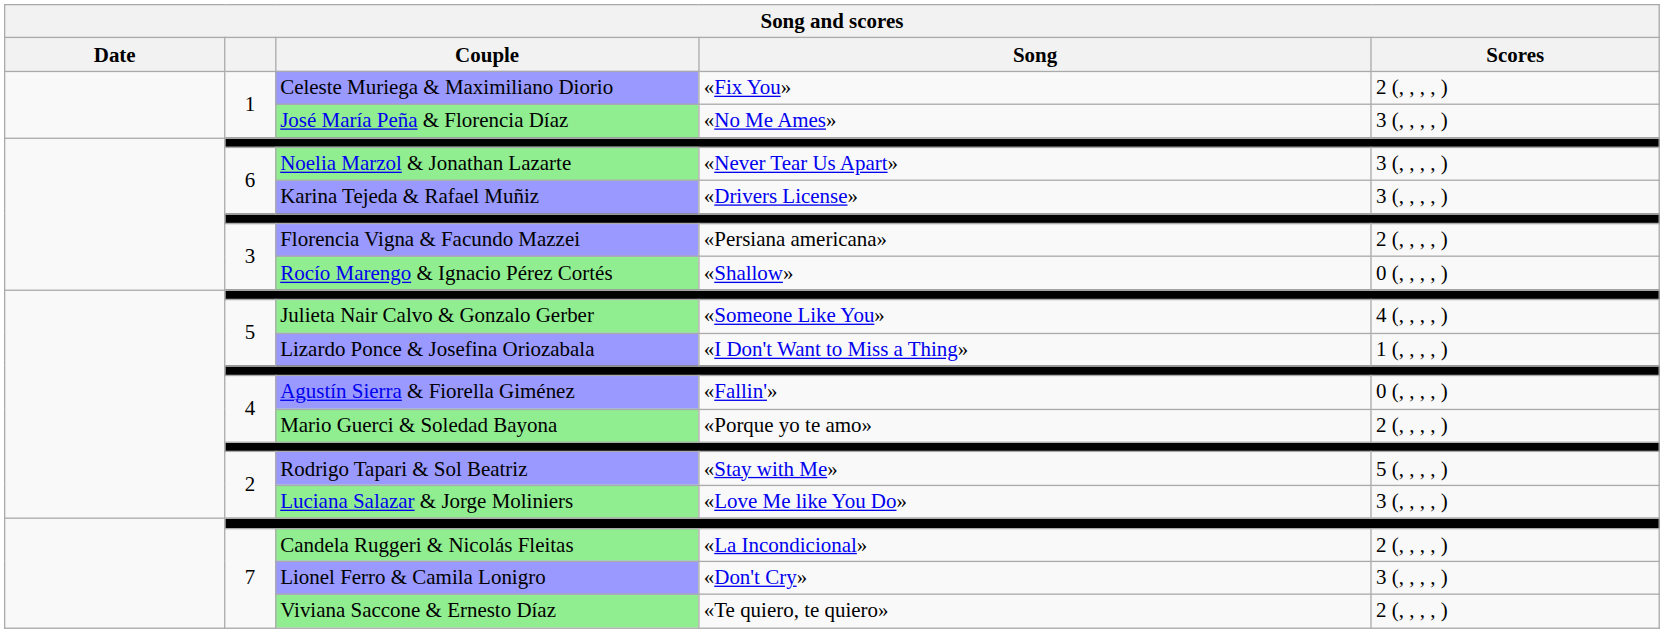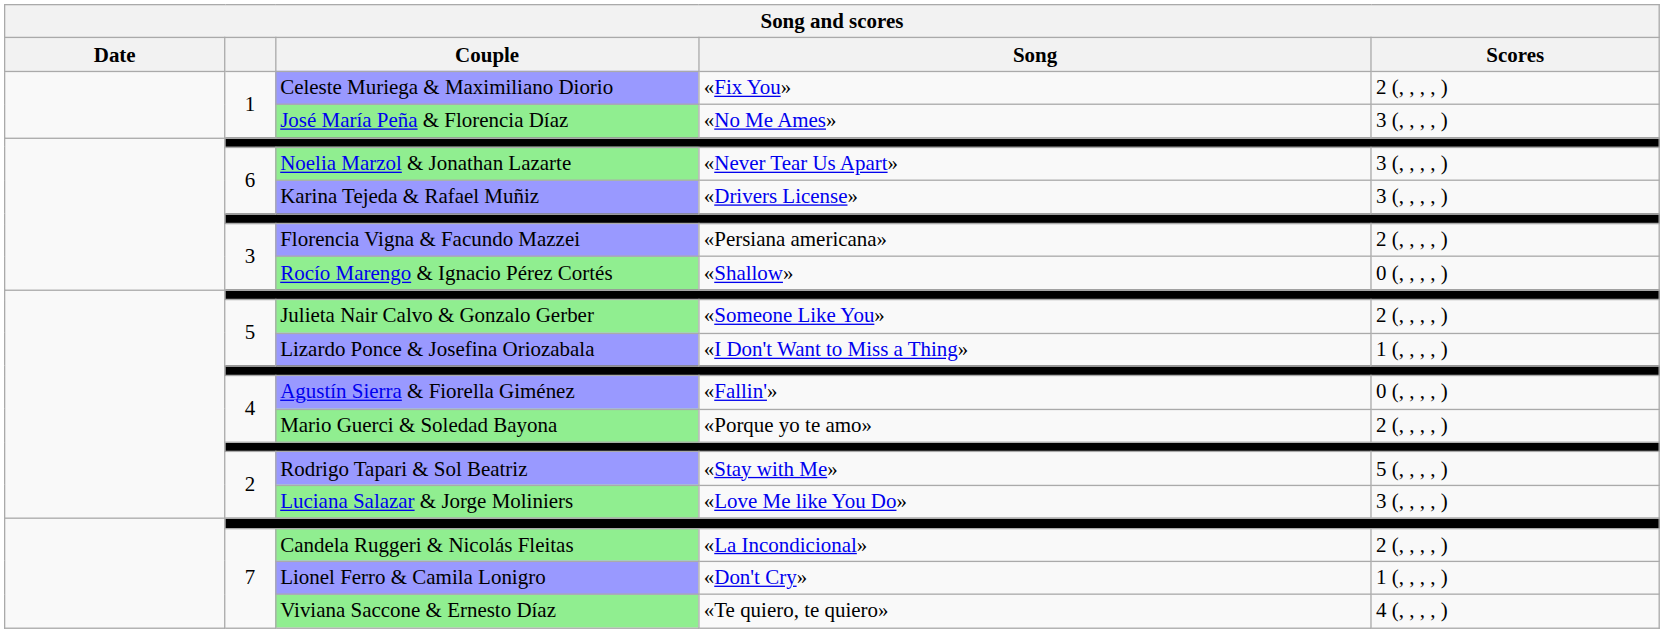 <table class="wikitable collapsible collapsed" style="text-align: align; width: 100%;">
 <tr>
 <th colspan="11" style="with: 100%;" align="center">Song and scores</th>
 </tr>
 <tr>
 <th width=90>Date</th>
 <th width=15></th>
 <th width=180>Couple</th>
 <th width=290>Song</th>
 <th width=120>Scores</th>
 </tr>
 <tr>
 <td rowspan="2"></td>
 <td rowspan="2" align="center">1</td>
 <td bgcolor="#9999FF">Celeste Muriega & Maximiliano Diorio</td>
 <td>«<a href='#'>Fix You</a>» </td>
 <td>2 (, , , , )</td>
 </tr>
 <tr>
 <td bgcolor="lightgreen"><a href='#'>José María Peña</a> & Florencia Díaz</td>
 <td>«<a href='#'>No Me Ames</a>» </td>
 <td>3 (, , , , )</td>
 </tr>
 <tr>
 <td rowspan="7"></td>
 </tr>
 <tr>
 <td style="background:black" colspan=10></td>
 </tr>
 <tr>
 <td rowspan="2" align="center">6</td>
 <td bgcolor="lightgreen"><a href='#'>Noelia Marzol</a> & Jonathan Lazarte</td>
 <td>«<a href='#'>Never Tear Us Apart</a>» </td>
 <td>3 (, , , , )</td>
 </tr>
 <tr>
 <td bgcolor="#9999FF">Karina Tejeda & Rafael Muñiz</td>
 <td>«<a href='#'>Drivers License</a>» </td>
 <td>3 (, , , , )</td>
 </tr>
 <tr>
 <td style="background:black" colspan=10></td>
 </tr>
 <tr>
 <td rowspan="2" align="center">3</td>
 <td bgcolor="#9999FF">Florencia Vigna & Facundo Mazzei</td>
 <td>«Persiana americana» </td>
 <td>2 (, , , , )</td>
 </tr>
 <tr>
 <td bgcolor="lightgreen"><a href='#'>Rocío Marengo</a> & Ignacio Pérez Cortés</td>
 <td>«<a href='#'>Shallow</a>» </td>
 <td>0 (, , , , )</td>
 </tr>
 <tr>
 <td rowspan="10"></td>
 </tr>
 <tr>
 <td style="background:black" colspan=10></td>
 </tr>
 <tr>
 <td rowspan="2" align="center">5</td>
 <td bgcolor="lightgreen">Julieta Nair Calvo & Gonzalo Gerber</td>
 <td>«<a href='#'>Someone Like You</a>» </td>
-<td>4 (, , , , )</td>
+<td>2 (, , , , )</td>
 </tr>
 <tr>
 <td bgcolor="#9999FF">Lizardo Ponce & Josefina Oriozabala</td>
 <td>«<a href='#'>I Don't Want to Miss a Thing</a>» </td>
 <td>1 (, , , , )</td>
 </tr>
 <tr>
 <td style="background:black" colspan=10></td>
 </tr>
 <tr>
 <td rowspan="2" align="center">4</td>
 <td bgcolor="#9999FF"><a href='#'>Agustín Sierra</a> & Fiorella Giménez</td>
 <td>«<a href='#'>Fallin'</a>» </td>
 <td>0 (, , , , )</td>
 </tr>
 <tr>
 <td bgcolor="lightgreen">Mario Guerci & Soledad Bayona</td>
 <td>«Porque yo te amo» </td>
 <td>2 (, , , , )</td>
 </tr>
 <tr>
 <td style="background:black" colspan=10></td>
 </tr>
 <tr>
 <td rowspan="2" align="center">2</td>
 <td bgcolor="#9999FF">Rodrigo Tapari & Sol Beatriz</td>
 <td>«<a href='#'>Stay with Me</a>» </td>
 <td>5 (, , , , )</td>
 </tr>
 <tr>
 <td bgcolor="lightgreen"><a href='#'>Luciana Salazar</a> & Jorge Moliniers</td>
 <td>«<a href='#'>Love Me like You Do</a>» </td>
 <td>3 (, , , , )</td>
 </tr>
 <tr>
 <td rowspan="5"></td>
 </tr>
 <tr>
 <td style="background:black" colspan=10></td>
 </tr>
 <tr>
 <td rowspan="3" align="center">7</td>
 <td bgcolor="lightgreen">Candela Ruggeri & Nicolás Fleitas</td>
 <td>«<a href='#'>La Incondicional</a>» </td>
 <td>2 (, , , , )</td>
 </tr>
 <tr>
 <td bgcolor="#9999FF">Lionel Ferro & Camila Lonigro</td>
 <td>«<a href='#'>Don't Cry</a>» </td>
-<td>3 (, , , , )</td>
+<td>1 (, , , , )</td>
 </tr>
 <tr>
 <td bgcolor="lightgreen">Viviana Saccone & Ernesto Díaz</td>
 <td>«Te quiero, te quiero» </td>
-<td>2 (, , , , )</td>
+<td>4 (, , , , )</td>
 </tr>
 </table>
